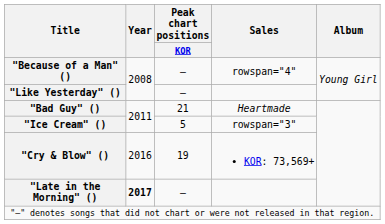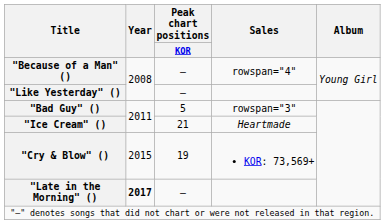 <table class="wikitable plainrowheaders" style="text-align:center;">
 <tr>
 <th rowspan=2 style="width:12em;">Title</th>
 <th rowspan=2>Year</th>
 <th colspan="1">Peak chart positions</th>
 <th rowspan=2>Sales</th>
 <th rowspan=2>Album</th>
 </tr>
 <tr>
 <th scope="col" style="width:3.5em;font-size:90%;"><a href='#'>KOR</a></th>
 </tr>
 <tr>
 <th scope=row>"Because of a Man" ()</th>
 <td rowspan="2">2008</td>
 <td>—</td>
 <td>rowspan="4" </td>
 <td rowspan="2"><em>Young Girl</em></td>
 </tr>
 <tr>
 <th scope=row>"Like Yesterday" ()</th>
 <td>—</td>
 </tr>
 <tr>
 <th scope=row>"Bad Guy" ()</th>
 <td rowspan="2">2011</td>
+<td>5</td>
+<td>rowspan="3" </td>
+</tr>
+<tr>
+<th scope=row>"Ice Cream" ()<br></th>
 <td>21</td>
 <td><em>Heartmade</em></td>
 </tr>
 <tr>
-<th scope=row>"Ice Cream" ()<br></th>
-<td>5</td>
-<td>rowspan="3" </td>
-</tr>
-<tr>
 <th scope=row>"Cry & Blow" ()</th>
-<td>2016</td>
+<td>2015</td>
 <td>19</td>
 <td><br><ul><li><a href='#'>KOR</a>: 73,569+</li></ul></td>
 </tr>
 <tr>
 <th scope=row>"Late in the Morning" ()</th>
 <td><strong>2017</strong></td>
 <td>—</td>
 <td></td>
 </tr>
 <tr>
 <td colspan="7" style="font-size:85%;">"—" denotes songs that did not chart or were not released in that region.</td>
 </tr>
 </table>
